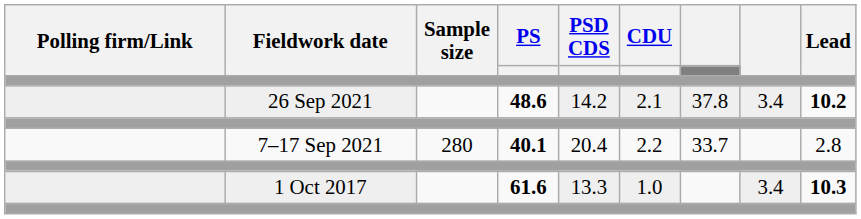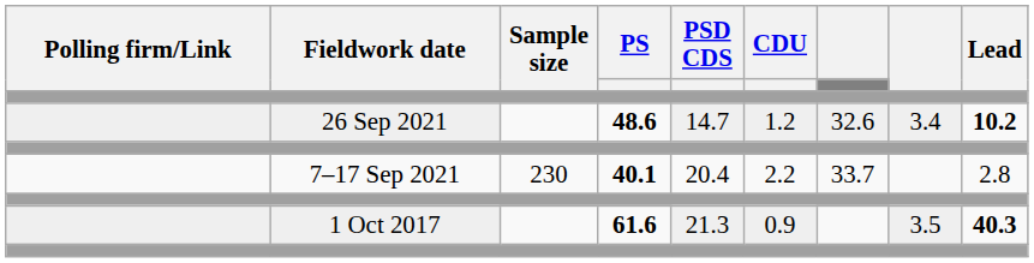 <table class="wikitable sortable mw-datatable" style="text-align:center;font-size:90%;line-height:16px;">
 <tr style="height:42px;">
 <th style="width:145px;" rowspan="2">Polling firm/Link</th>
 <th style="width:125px;" rowspan="2">Fieldwork date</th>
 <th class="unsortable" style="width:50px;" rowspan="2">Sample size</th>
 <th class="unsortable" style="width:35px;"><a href='#'>PS</a></th>
 <th class="unsortable" style="width:35px;"><a href='#'>PSD</a><br><a href='#'>CDS</a></th>
 <th class="unsortable" style="width:35px;"><a href='#'>CDU</a></th>
 <th class="unsortable" style="width:35px;"></th>
 <th class="unsortable" style="width:35px;" rowspan="2"></th>
 <th class="unsortable" style="width:30px;" rowspan="2">Lead</th>
 </tr>
 <tr>
 <th class="unsortable" style="color:inherit;background:"></th>
 <th class="unsortable" style="color:inherit;background:"></th>
 <th class="unsortable" style="color:inherit;background:"></th>
 <th class="sortable" style="background:gray;"></th>
 </tr>
 <tr>
 <td colspan="17" style="background:#A0A0A0"></td>
 </tr>
 <tr>
 <td style="background:#EFEFEF;"><strong></strong></td>
 <td style="background:#EFEFEF;" data-sort-value="2019-10-06">26 Sep 2021</td>
 <td></td>
 <td><strong>48.6</strong><br></td>
-<td style="background:#EFEFEF;">14.2<br></td>
-<td style="background:#EFEFEF;">2.1<br></td>
-<td style="background:#EFEFEF;">37.8<br></td>
+<td style="background:#EFEFEF;">14.7<br></td>
+<td style="background:#EFEFEF;">1.2<br></td>
+<td style="background:#EFEFEF;">32.6<br></td>
 <td style="background:#EFEFEF;">3.4</td>
 <td style="background:"><strong>10.2</strong></td>
 </tr>
 <tr>
 <td colspan="17" style="background:#A0A0A0"></td>
 </tr>
 <tr>
 <td align="center"></td>
 <td align="center">7–17 Sep 2021</td>
-<td>280</td>
+<td>230</td>
 <td align="center" ><strong>40.1</strong></td>
 <td align="center">20.4</td>
 <td align="center">2.2</td>
 <td align="center">33.7</td>
 <td></td>
 <td style="background:">2.8</td>
 </tr>
 <tr>
 <td colspan="17" style="background:#A0A0A0"></td>
 </tr>
 <tr>
 <td style="background:#EFEFEF;"><strong></strong></td>
 <td style="background:#EFEFEF;" data-sort-value="2019-10-06">1 Oct 2017</td>
 <td></td>
 <td><strong>61.6</strong><br></td>
-<td style="background:#EFEFEF;">13.3<br></td>
-<td style="background:#EFEFEF;">1.0<br></td>
+<td style="background:#EFEFEF;">21.3<br></td>
+<td style="background:#EFEFEF;">0.9<br></td>
 <td></td>
-<td style="background:#EFEFEF;">3.4</td>
-<td style="background:"><strong>10.3</strong></td>
+<td style="background:#EFEFEF;">3.5</td>
+<td style="background:"><strong>40.3</strong></td>
 </tr>
 <tr>
 <td colspan="17" style="background:#A0A0A0"></td>
 </tr>
 </table>
